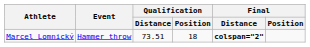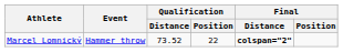 <table class="wikitable" style="font-size:90%">
 <tr>
 <th rowspan="2">Athlete</th>
 <th rowspan="2">Event</th>
 <th colspan="2">Qualification</th>
 <th colspan="2">Final</th>
 </tr>
 <tr>
 <th>Distance</th>
 <th>Position</th>
 <th>Distance</th>
 <th>Position</th>
 </tr>
 <tr style=text-align:center>
 <td style=text-align:left><a href='#'>Marcel Lomnický</a></td>
 <td style=text-align:left><a href='#'>Hammer throw</a></td>
-<td>73.51</td>
-<td>18</td>
+<td>73.52</td>
+<td>22</td>
 <td><strong>colspan="2" </strong></td>
 </tr>
 </table>
